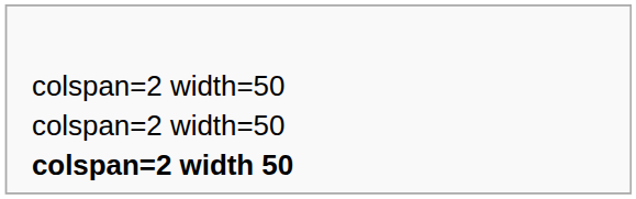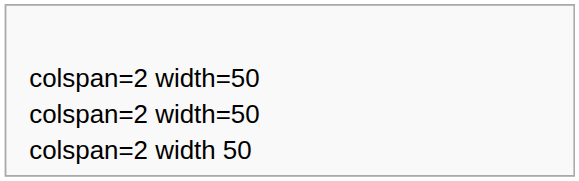 <table class=infobox style="width:22em; text-align:left; font-size:90%; vertical-align:middle; background-color:#white;">
 <tr>
 </tr>
 <tr>
 <td colspan="3" style="text-align:center;"> <br> </td>
 </tr>
 <tr>
 <td colspan=3></td>
 </tr>
 <tr style="background-color#d9e8ff">
 <td></td>
 <td>colspan=2 width=50 </td>
 </tr>
 <tr>
 <td></td>
 <td>colspan=2 width=50 </td>
 </tr>
 <tr>
 <td></td>
-<td><strong>colspan=2 width 50 </strong></td>
+<td>colspan=2 width 50 </td>
 </tr>
 </table>
